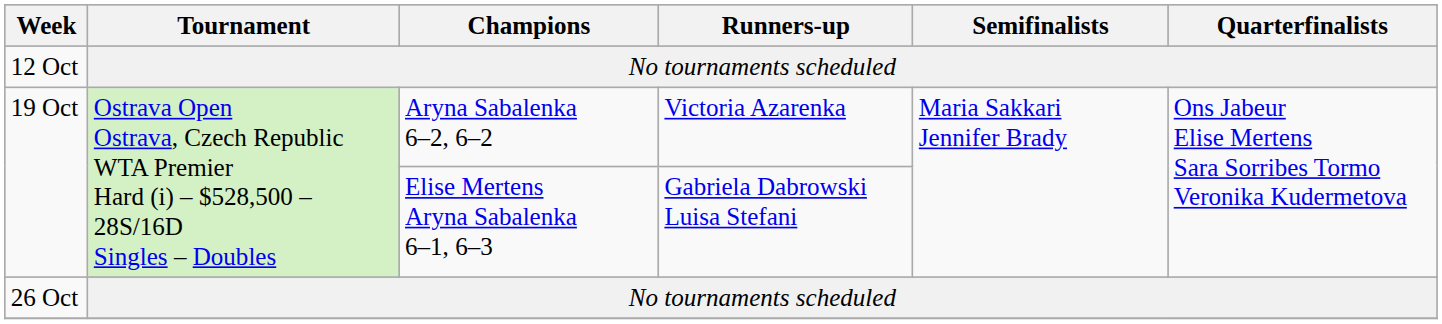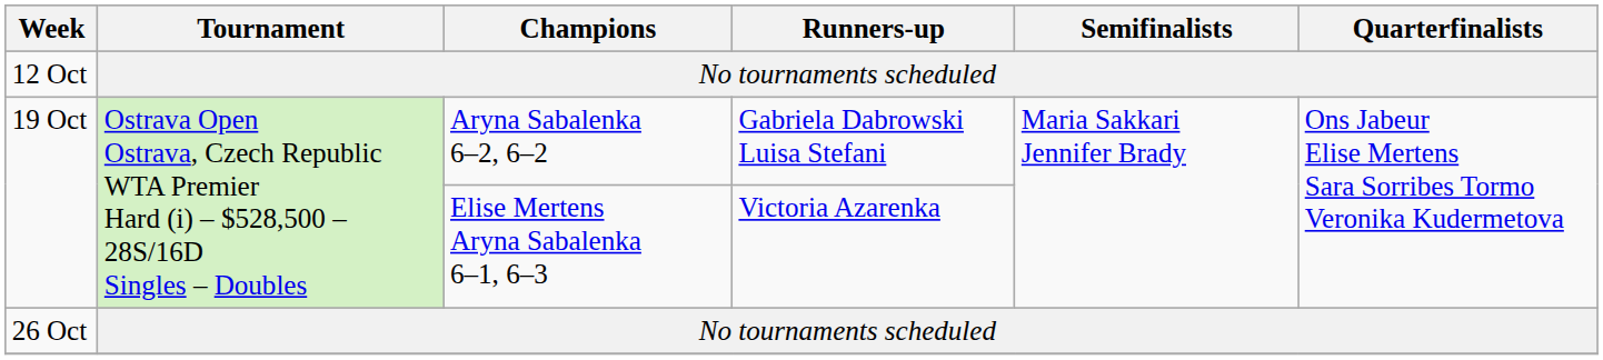 <table class=wikitable style=font-size:95%>
 <tr>
 <th style="width:48px;">Week</th>
 <th style="width:248px;">Tournament</th>
 <th style="width:200px;">Champions</th>
 <th style="width:200px;">Runners-up</th>
 <th style="width:190px;">Semifinalists</th>
 <th style="width:190px;">Quarterfinalists</th>
 </tr>
 <tr valign=top>
 <td>12 Oct</td>
 <td colspan="5" align="center" bgcolor="f1f1f1"><em>No tournaments scheduled</em></td>
 </tr>
 <tr valign=top>
 <td rowspan=2>19 Oct</td>
 <td style="background:#D4F1C5;" rowspan="2"><a href='#'>Ostrava Open</a><br> <a href='#'>Ostrava</a>, Czech Republic<br>WTA Premier<br>Hard (i) – $528,500 – 28S/16D<br><a href='#'>Singles</a> – <a href='#'>Doubles</a></td>
 <td> <a href='#'>Aryna Sabalenka</a><br>6–2, 6–2</td>
-<td> <a href='#'>Victoria Azarenka</a></td>
+<td> <a href='#'>Gabriela Dabrowski</a> <br>  <a href='#'>Luisa Stefani</a></td>
 <td rowspan=2> <a href='#'>Maria Sakkari</a> <br>  <a href='#'>Jennifer Brady</a></td>
 <td rowspan=2> <a href='#'>Ons Jabeur</a><br> <a href='#'>Elise Mertens</a> <br> <a href='#'>Sara Sorribes Tormo</a><br>  <a href='#'>Veronika Kudermetova</a></td>
 </tr>
 <tr valign=top>
 <td> <a href='#'>Elise Mertens</a> <br>  <a href='#'>Aryna Sabalenka</a> <br> 6–1, 6–3</td>
-<td> <a href='#'>Gabriela Dabrowski</a> <br>  <a href='#'>Luisa Stefani</a></td>
+<td> <a href='#'>Victoria Azarenka</a></td>
 </tr>
 <tr valign=top>
 <td>26 Oct</td>
 <td colspan="5" align="center" bgcolor="f1f1f1"><em>No tournaments scheduled</em></td>
 </tr>
 <tr valign=top>
 </tr>
 </table>
